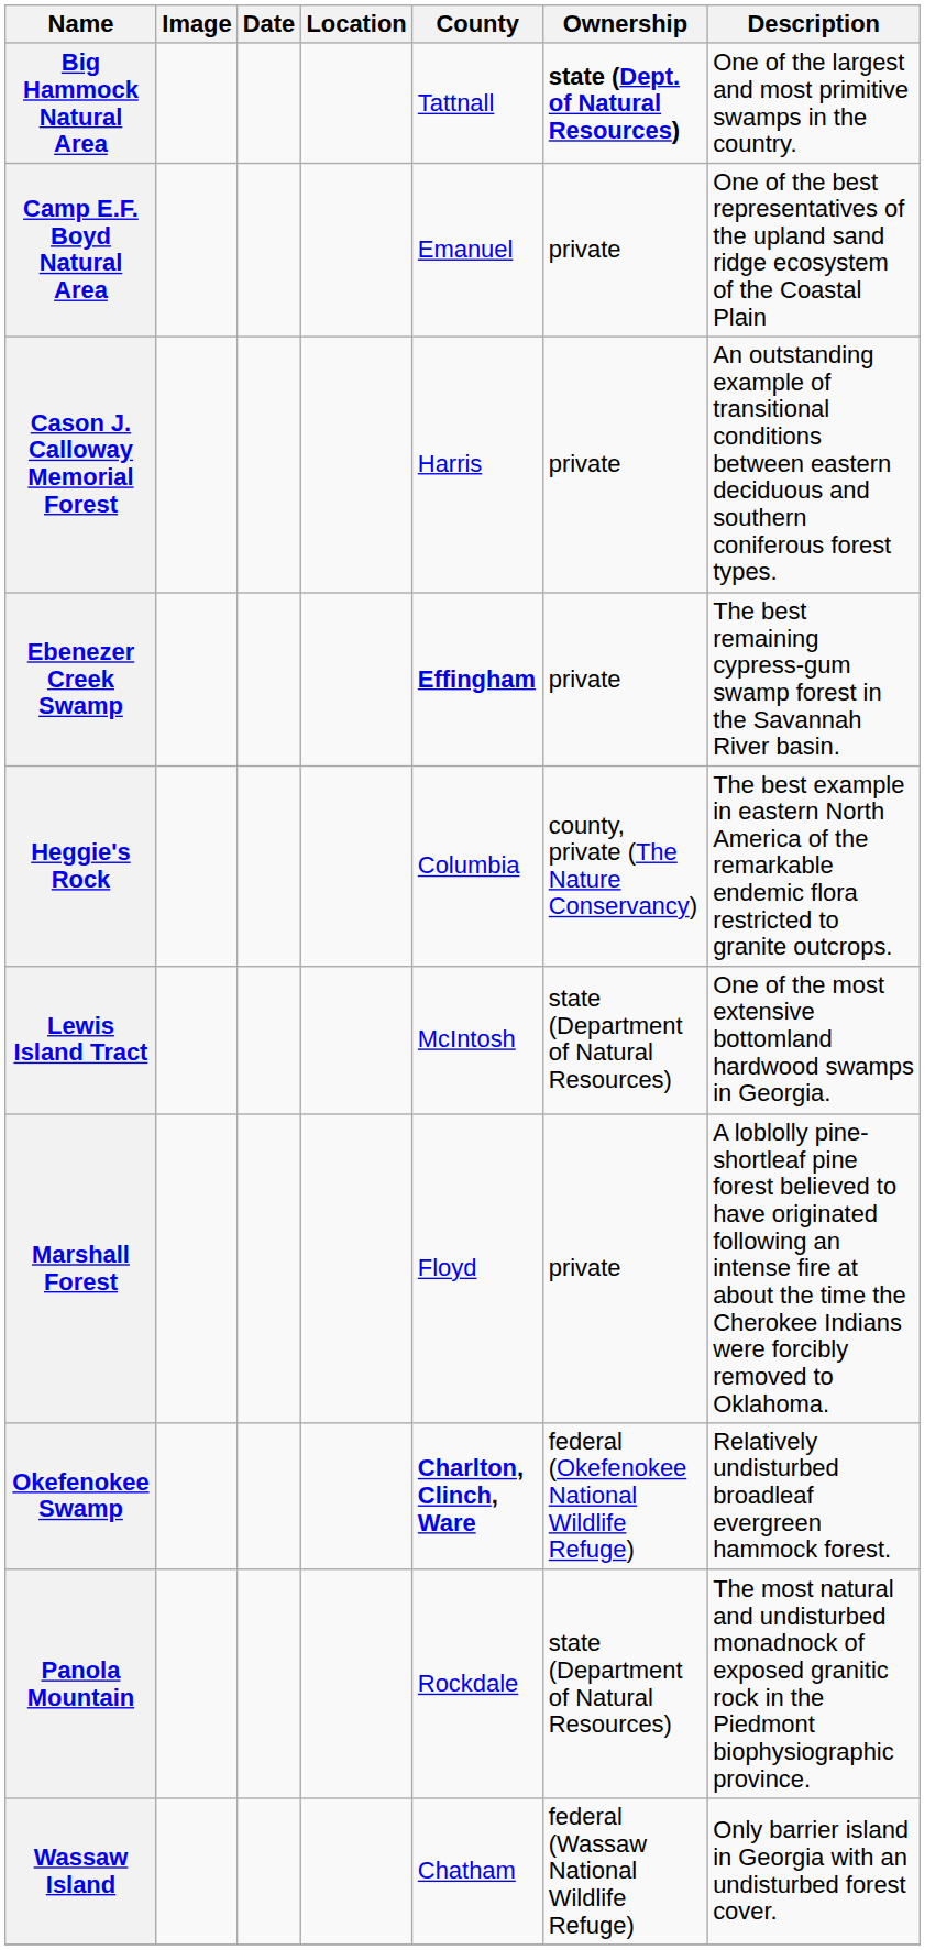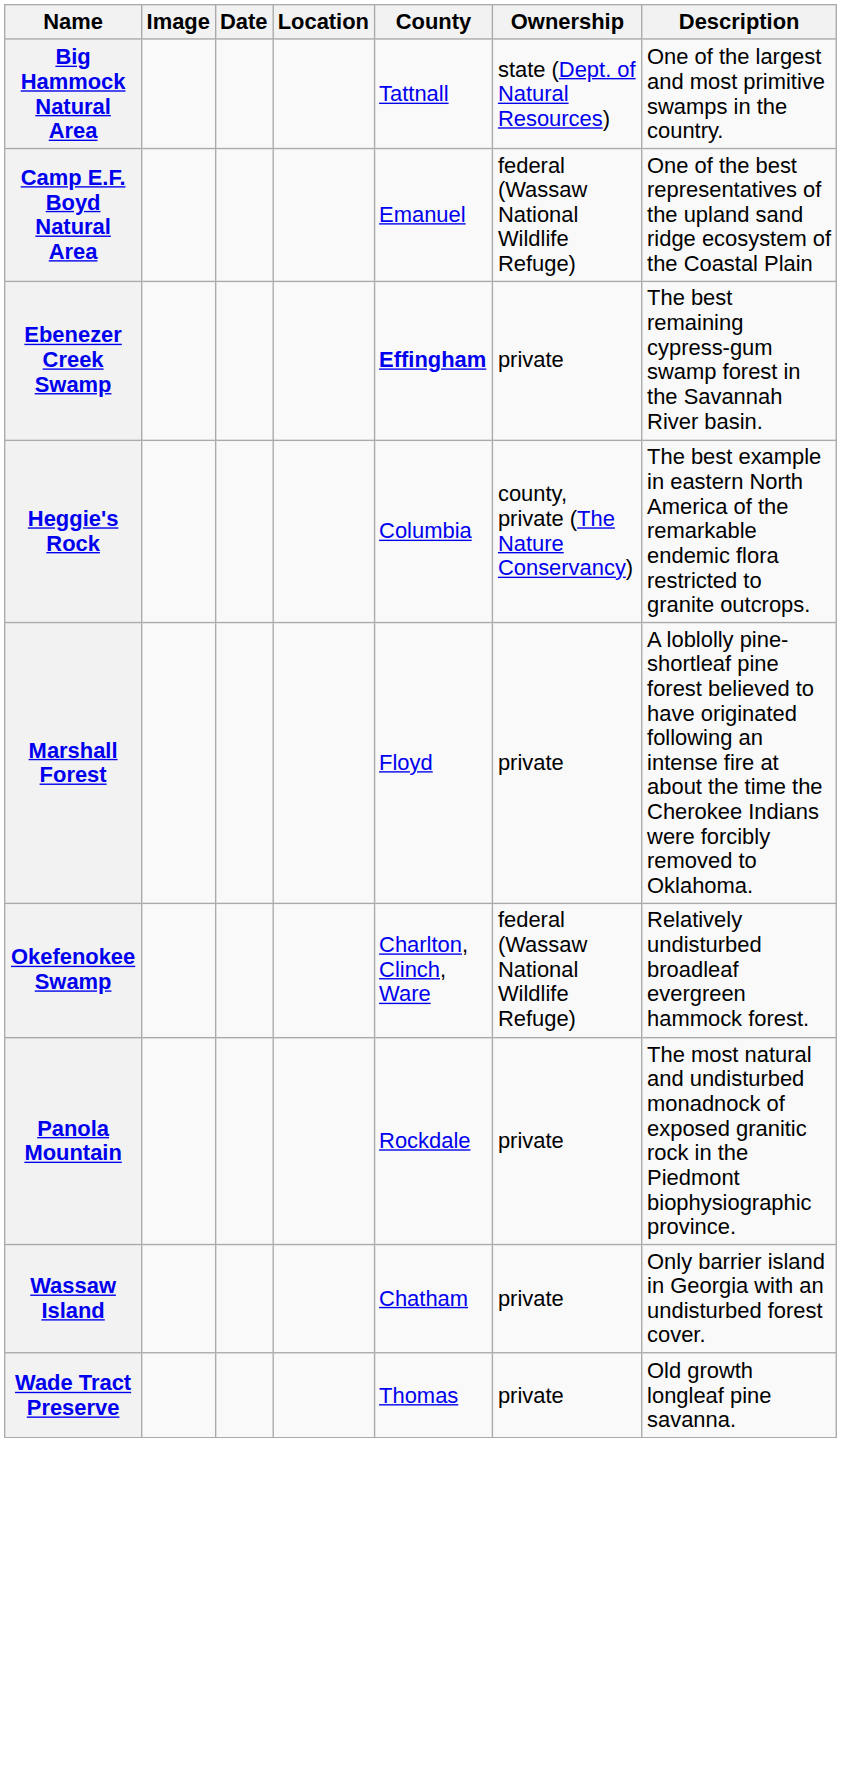 <table class="wikitable sortable" align="center">
 <tr>
 <th style="background-color:">Name</th>
 <th style="background-color:">Image</th>
 <th style="background-color:">Date</th>
 <th style="background-color:">Location</th>
 <th style="background-color:">County</th>
 <th style="background-color:">Ownership</th>
 <th style="background-color:">Description</th>
 </tr>
 <tr>
 <th><a href='#'>Big Hammock Natural Area</a></th>
 <td></td>
 <td></td>
 <td></td>
 <td><a href='#'>Tattnall</a></td>
-<td><strong>state (<a href='#'>Dept. of Natural Resources</a>)</strong></td>
+<td>state (<a href='#'>Dept. of Natural Resources</a>)</td>
 <td>One of the largest and most primitive swamps in the country.</td>
 </tr>
 <tr>
 <th><a href='#'>Camp E.F. Boyd Natural Area</a></th>
 <td></td>
 <td></td>
 <td></td>
 <td><a href='#'>Emanuel</a></td>
-<td>private</td>
+<td>federal (Wassaw National Wildlife Refuge)</td>
 <td>One of the best representatives of the upland sand ridge ecosystem of the Coastal Plain</td>
-</tr>
-<tr>
-<th><a href='#'>Cason J. Calloway Memorial Forest</a></th>
-<td></td>
-<td></td>
-<td></td>
-<td><a href='#'>Harris</a></td>
-<td>private</td>
-<td>An outstanding example of transitional conditions between eastern deciduous and southern coniferous forest types.</td>
 </tr>
 <tr>
 <th><a href='#'>Ebenezer Creek Swamp</a></th>
 <td></td>
 <td></td>
 <td></td>
 <td><strong><a href='#'>Effingham</a></strong></td>
 <td>private</td>
 <td>The best remaining cypress-gum swamp forest in the Savannah River basin.</td>
 </tr>
 <tr>
 <th><a href='#'>Heggie's Rock</a></th>
 <td></td>
 <td></td>
 <td></td>
 <td><a href='#'>Columbia</a></td>
 <td>county, private (<a href='#'>The Nature Conservancy</a>)</td>
 <td>The best example in eastern North America of the remarkable endemic flora restricted to granite outcrops.</td>
 </tr>
 <tr>
-<th><a href='#'>Lewis Island Tract</a></th>
-<td></td>
-<td></td>
-<td></td>
-<td><a href='#'>McIntosh</a></td>
-<td>state (Department of Natural Resources)</td>
-<td>One of the most extensive bottomland hardwood swamps in Georgia. </td>
-</tr>
-<tr>
 <th><a href='#'>Marshall Forest</a></th>
 <td></td>
 <td></td>
 <td></td>
 <td><a href='#'>Floyd</a></td>
 <td>private</td>
 <td>A loblolly pine-shortleaf pine forest believed to have originated following an intense fire at about the time the Cherokee Indians were forcibly removed to Oklahoma.</td>
 </tr>
 <tr>
 <th><a href='#'>Okefenokee Swamp</a></th>
 <td></td>
 <td></td>
 <td></td>
-<td><strong><a href='#'>Charlton</a>, <a href='#'>Clinch</a>, <a href='#'>Ware</a></strong></td>
-<td>federal (<a href='#'>Okefenokee National Wildlife Refuge</a>)</td>
+<td><a href='#'>Charlton</a>, <a href='#'>Clinch</a>, <a href='#'>Ware</a></td>
+<td>federal (Wassaw National Wildlife Refuge)</td>
 <td>Relatively undisturbed broadleaf evergreen hammock forest.</td>
 </tr>
 <tr>
 <th><a href='#'>Panola Mountain</a></th>
 <td></td>
 <td></td>
 <td></td>
 <td><a href='#'>Rockdale</a></td>
-<td>state (Department of Natural Resources)</td>
+<td>private</td>
 <td>The most natural and undisturbed monadnock of exposed granitic rock in the Piedmont biophysiographic province.</td>
 </tr>
 <tr>
 <th><a href='#'>Wassaw Island</a></th>
 <td></td>
 <td></td>
 <td></td>
 <td><a href='#'>Chatham</a></td>
-<td>federal (Wassaw National Wildlife Refuge)</td>
+<td>private</td>
 <td>Only barrier island in Georgia with an undisturbed forest cover.</td>
+</tr>
+<tr>
+<th><a href='#'>Wade Tract Preserve</a></th>
+<td></td>
+<td></td>
+<td></td>
+<td><a href='#'>Thomas</a></td>
+<td>private</td>
+<td>Old growth longleaf pine savanna.</td>
 </tr>
 <tr>
 </tr>
 </table>
